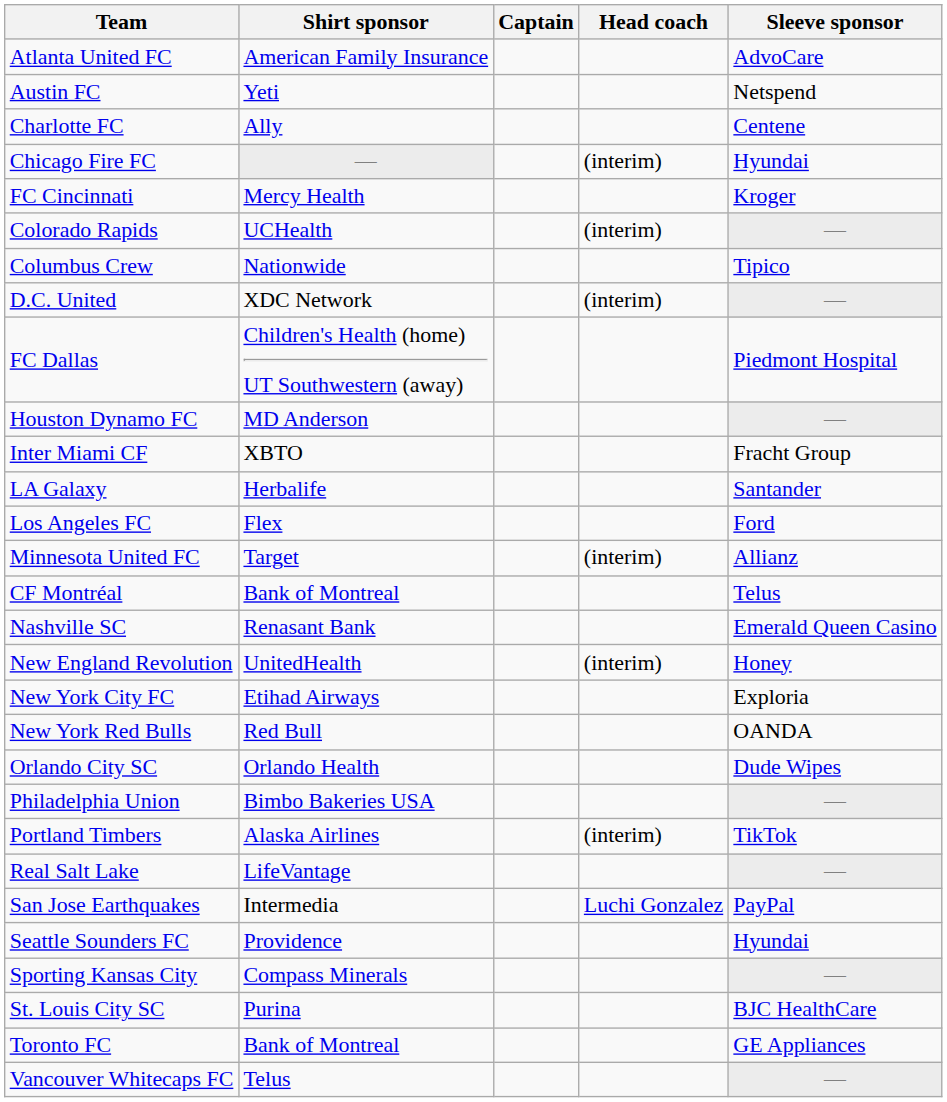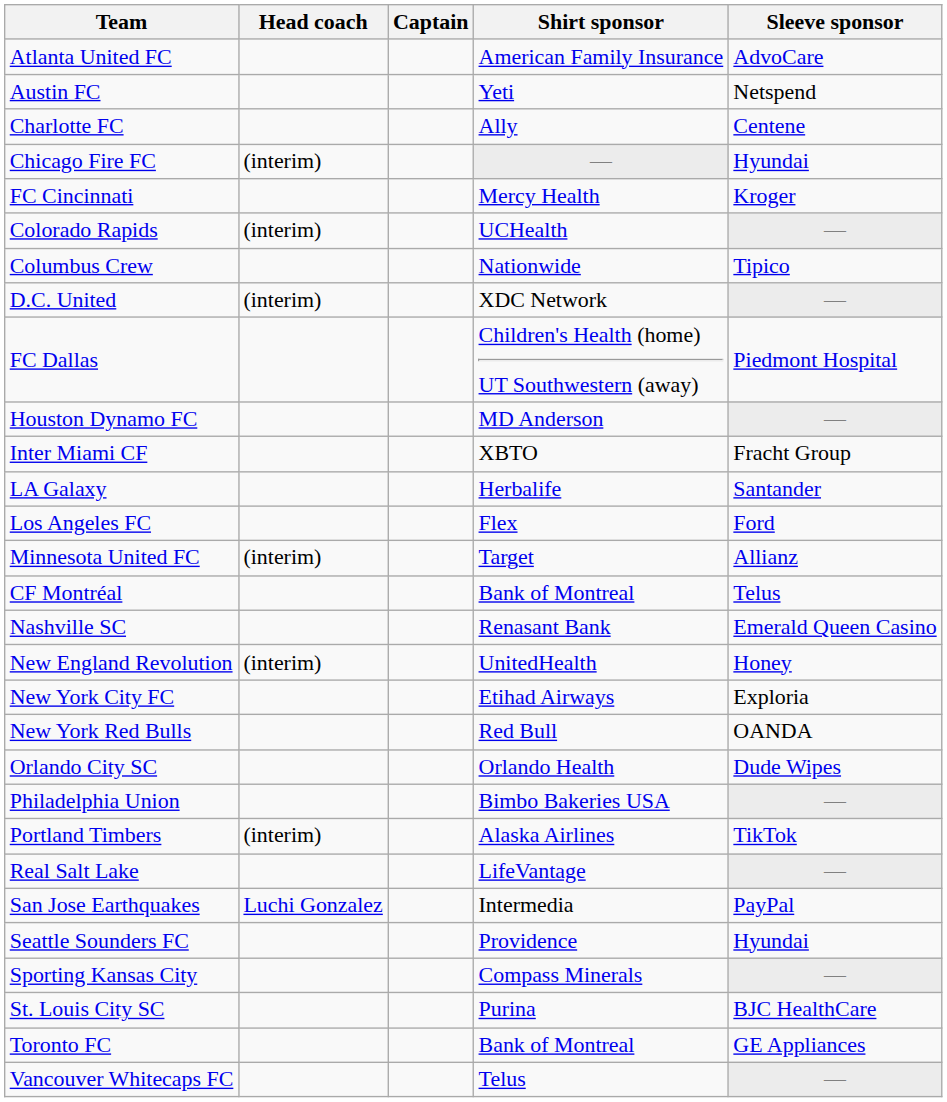 <table class="wikitable sortable" style="text-align: left;">
 <tr>
 <th>Team</th>
+<th>Head coach</th>
+<th>Captain</th>
 <th>Shirt sponsor</th>
-<th>Captain</th>
-<th>Head coach</th>
 <th>Sleeve sponsor</th>
 </tr>
 <tr>
 <td><a href='#'>Atlanta United FC</a></td>
-<td><a href='#'>American Family Insurance</a></td>
 <td> </td>
 <td> </td>
+<td><a href='#'>American Family Insurance</a></td>
 <td><a href='#'>AdvoCare</a></td>
 </tr>
 <tr>
 <td><a href='#'>Austin FC</a></td>
-<td><a href='#'>Yeti</a></td>
 <td> </td>
 <td> </td>
+<td><a href='#'>Yeti</a></td>
 <td>Netspend</td>
 </tr>
 <tr>
 <td><a href='#'>Charlotte FC</a></td>
-<td><a href='#'>Ally</a></td>
 <td> </td>
 <td> </td>
+<td><a href='#'>Ally</a></td>
 <td><a href='#'>Centene</a></td>
 </tr>
 <tr>
 <td><a href='#'>Chicago Fire FC</a></td>
+<td>  (interim)</td>
+<td> </td>
 <td align="center" colspan="1" style="background:#ececec; color:gray">—</td>
-<td> </td>
-<td>  (interim)</td>
 <td><a href='#'>Hyundai</a></td>
 </tr>
 <tr>
 <td><a href='#'>FC Cincinnati</a></td>
-<td><a href='#'>Mercy Health</a></td>
 <td> </td>
 <td> </td>
+<td><a href='#'>Mercy Health</a></td>
 <td><a href='#'>Kroger</a></td>
 </tr>
 <tr>
 <td><a href='#'>Colorado Rapids</a></td>
+<td>  (interim)</td>
+<td> </td>
 <td><a href='#'>UCHealth</a></td>
-<td> </td>
-<td>  (interim)</td>
 <td align="center" colspan="1" style="background:#ececec; color:gray">—</td>
 </tr>
 <tr>
 <td><a href='#'>Columbus Crew</a></td>
-<td><a href='#'>Nationwide</a></td>
 <td> </td>
 <td> </td>
+<td><a href='#'>Nationwide</a></td>
 <td><a href='#'>Tipico</a></td>
 </tr>
 <tr>
 <td><a href='#'>D.C. United</a></td>
+<td>  (interim)</td>
+<td> </td>
 <td>XDC Network</td>
-<td> </td>
-<td>  (interim)</td>
 <td align="center" colspan="1" style="background:#ececec; color:gray">—</td>
 </tr>
 <tr>
 <td><a href='#'>FC Dallas</a></td>
-<td><a href='#'>Children's Health</a> (home) <hr> <a href='#'>UT Southwestern</a> (away)</td>
 <td> </td>
 <td> </td>
+<td><a href='#'>Children's Health</a> (home) <hr> <a href='#'>UT Southwestern</a> (away)</td>
 <td><a href='#'>Piedmont Hospital</a></td>
 </tr>
 <tr>
 <td><a href='#'>Houston Dynamo FC</a></td>
-<td><a href='#'>MD Anderson</a></td>
 <td> </td>
 <td> </td>
+<td><a href='#'>MD Anderson</a></td>
 <td align="center" colspan="1" style="background:#ececec; color:gray">—</td>
 </tr>
 <tr>
 <td><a href='#'>Inter Miami CF</a></td>
-<td>XBTO</td>
 <td> </td>
 <td> </td>
+<td>XBTO</td>
 <td>Fracht Group</td>
 </tr>
 <tr>
 <td><a href='#'>LA Galaxy</a></td>
-<td><a href='#'>Herbalife</a></td>
 <td> </td>
 <td> </td>
+<td><a href='#'>Herbalife</a></td>
 <td><a href='#'>Santander</a></td>
 </tr>
 <tr>
 <td><a href='#'>Los Angeles FC</a></td>
-<td><a href='#'>Flex</a></td>
 <td> </td>
 <td> </td>
+<td><a href='#'>Flex</a></td>
 <td><a href='#'>Ford</a></td>
 </tr>
 <tr>
 <td><a href='#'>Minnesota United FC</a></td>
+<td>  (interim)</td>
+<td> </td>
 <td><a href='#'>Target</a></td>
-<td> </td>
-<td>  (interim)</td>
 <td><a href='#'>Allianz</a></td>
 </tr>
 <tr>
 <td><a href='#'>CF Montréal</a></td>
-<td><a href='#'>Bank of Montreal</a></td>
 <td> </td>
 <td> </td>
+<td><a href='#'>Bank of Montreal</a></td>
 <td><a href='#'>Telus</a></td>
 </tr>
 <tr>
 <td><a href='#'>Nashville SC</a></td>
-<td><a href='#'>Renasant Bank</a></td>
 <td> </td>
 <td> </td>
+<td><a href='#'>Renasant Bank</a></td>
 <td><a href='#'>Emerald Queen Casino</a></td>
 </tr>
 <tr>
 <td><a href='#'>New England Revolution</a></td>
+<td>  (interim)</td>
+<td> </td>
 <td><a href='#'>UnitedHealth</a></td>
-<td> </td>
-<td>  (interim)</td>
 <td><a href='#'>Honey</a></td>
 </tr>
 <tr>
 <td><a href='#'>New York City FC</a></td>
-<td><a href='#'>Etihad Airways</a></td>
 <td> </td>
 <td> </td>
+<td><a href='#'>Etihad Airways</a></td>
 <td>Exploria</td>
 </tr>
 <tr>
 <td><a href='#'>New York Red Bulls</a></td>
-<td><a href='#'>Red Bull</a></td>
 <td> </td>
 <td> </td>
+<td><a href='#'>Red Bull</a></td>
 <td>OANDA</td>
 </tr>
 <tr>
 <td><a href='#'>Orlando City SC</a></td>
-<td><a href='#'>Orlando Health</a></td>
 <td> </td>
 <td> </td>
+<td><a href='#'>Orlando Health</a></td>
 <td><a href='#'>Dude Wipes</a></td>
 </tr>
 <tr>
 <td><a href='#'>Philadelphia Union</a></td>
-<td><a href='#'>Bimbo Bakeries USA</a></td>
 <td> </td>
 <td> </td>
+<td><a href='#'>Bimbo Bakeries USA</a></td>
 <td align="center" colspan="1" style="background:#ececec; color:gray">—</td>
 </tr>
 <tr>
 <td><a href='#'>Portland Timbers</a></td>
+<td>  (interim)</td>
+<td> </td>
 <td><a href='#'>Alaska Airlines</a></td>
-<td> </td>
-<td>  (interim)</td>
 <td><a href='#'>TikTok</a></td>
 </tr>
 <tr>
 <td><a href='#'>Real Salt Lake</a></td>
-<td><a href='#'>LifeVantage</a></td>
 <td> </td>
 <td> </td>
+<td><a href='#'>LifeVantage</a></td>
 <td align="center" style="background:#ececec; color:gray">—</td>
 </tr>
 <tr>
 <td><a href='#'>San Jose Earthquakes</a></td>
+<td> <a href='#'>Luchi Gonzalez</a></td>
+<td> </td>
 <td>Intermedia</td>
-<td> </td>
-<td> <a href='#'>Luchi Gonzalez</a></td>
 <td><a href='#'>PayPal</a></td>
 </tr>
 <tr>
 <td><a href='#'>Seattle Sounders FC</a></td>
-<td><a href='#'>Providence</a></td>
 <td> </td>
 <td> </td>
+<td><a href='#'>Providence</a></td>
 <td><a href='#'>Hyundai</a></td>
 </tr>
 <tr>
 <td><a href='#'>Sporting Kansas City</a></td>
-<td><a href='#'>Compass Minerals</a></td>
 <td> </td>
 <td> </td>
+<td><a href='#'>Compass Minerals</a></td>
 <td align="center" colspan="1" style="background:#ececec; color:gray">—</td>
 </tr>
 <tr>
 <td><a href='#'>St. Louis City SC</a></td>
-<td><a href='#'>Purina</a></td>
 <td> </td>
 <td> </td>
+<td><a href='#'>Purina</a></td>
 <td><a href='#'>BJC HealthCare</a></td>
 </tr>
 <tr>
 <td><a href='#'>Toronto FC</a></td>
-<td><a href='#'>Bank of Montreal</a></td>
 <td> </td>
 <td> </td>
+<td><a href='#'>Bank of Montreal</a></td>
 <td><a href='#'>GE Appliances</a></td>
 </tr>
 <tr>
 <td><a href='#'>Vancouver Whitecaps FC</a></td>
-<td><a href='#'>Telus</a></td>
 <td> </td>
 <td> </td>
+<td><a href='#'>Telus</a></td>
 <td align="center" style="background:#ececec; color:gray">—</td>
 </tr>
 </table>
